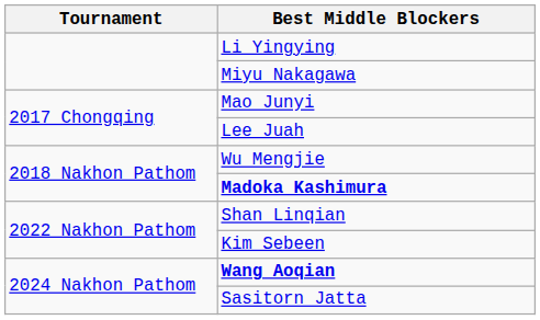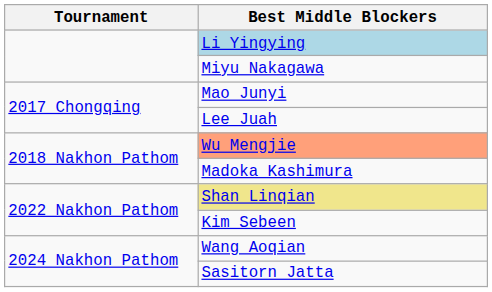 <table class=wikitable style="width: 400px;">
 <tr>
 <th style="width: 40%;">Tournament</th>
 <th style="width: 60%;">Best Middle Blockers</th>
 </tr>
 <tr>
 <td rowspan=2></td>
-<td> <a href='#'>Li Yingying</a></td>
+<td style="background: lightblue;"> <a href='#'>Li Yingying</a></td>
 </tr>
 <tr>
 <td> <a href='#'>Miyu Nakagawa</a></td>
 </tr>
 <tr>
 <td rowspan=2><a href='#'>2017 Chongqing</a></td>
 <td> <a href='#'>Mao Junyi</a></td>
 </tr>
 <tr>
 <td> <a href='#'>Lee Juah</a></td>
 </tr>
 <tr>
 <td rowspan=2><a href='#'>2018 Nakhon Pathom</a></td>
-<td> <a href='#'>Wu Mengjie</a></td>
+<td style="background: lightsalmon;"> <a href='#'>Wu Mengjie</a></td>
 </tr>
 <tr>
-<td><strong> <a href='#'>Madoka Kashimura</a></strong></td>
+<td> <a href='#'>Madoka Kashimura</a></td>
 </tr>
 <tr>
 <td rowspan=2><a href='#'>2022 Nakhon Pathom</a></td>
-<td> <a href='#'>Shan Linqian</a></td>
+<td style="background: khaki;"> <a href='#'>Shan Linqian</a></td>
 </tr>
 <tr>
 <td> <a href='#'>Kim Sebeen</a></td>
 </tr>
 <tr>
 <td rowspan=2><a href='#'>2024 Nakhon Pathom</a></td>
-<td><strong> <a href='#'>Wang Aoqian</a></strong></td>
+<td> <a href='#'>Wang Aoqian</a></td>
 </tr>
 <tr>
 <td> <a href='#'>Sasitorn Jatta</a></td>
 </tr>
 </table>
